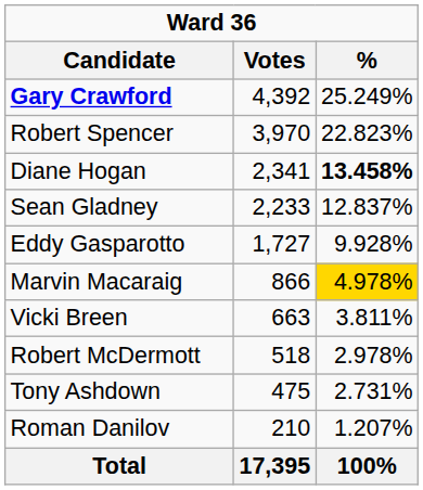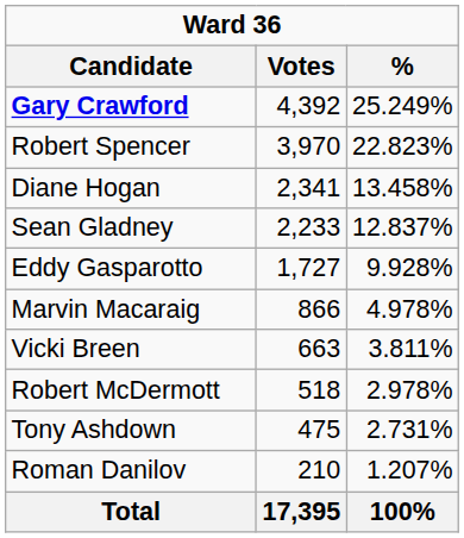 <table class="wikitable">
 <tr>
 <td Colspan="3" align="center"><strong>Ward 36</strong></td>
 </tr>
 <tr>
 <th bgcolor="#DDDDFF" width="150px">Candidate</th>
 <th bgcolor="#DDDDFF">Votes</th>
 <th bgcolor="#DDDDFF">%</th>
 </tr>
 <tr>
 <td><strong><a href='#'>Gary Crawford</a></strong></td>
 <td align=right>4,392</td>
 <td align=right>25.249%</td>
 </tr>
 <tr>
 <td>Robert Spencer</td>
 <td align=right>3,970</td>
 <td align=right>22.823%</td>
 </tr>
 <tr>
 <td>Diane Hogan</td>
 <td align=right>2,341</td>
-<td align=right><strong>13.458%</strong></td>
+<td align=right>13.458%</td>
 </tr>
 <tr>
 <td>Sean Gladney</td>
 <td align=right>2,233</td>
 <td align=right>12.837%</td>
 </tr>
 <tr>
 <td>Eddy Gasparotto</td>
 <td align=right>1,727</td>
 <td align=right>9.928%</td>
 </tr>
 <tr>
 <td>Marvin Macaraig</td>
 <td align=right>866</td>
-<td align=right style="background: gold;">4.978%</td>
+<td align=right>4.978%</td>
 </tr>
 <tr>
 <td>Vicki Breen</td>
 <td align=right>663</td>
 <td align=right>3.811%</td>
 </tr>
 <tr>
 <td>Robert McDermott</td>
 <td align=right>518</td>
 <td align=right>2.978%</td>
 </tr>
 <tr>
 <td>Tony Ashdown</td>
 <td align=right>475</td>
 <td align=right>2.731%</td>
 </tr>
 <tr>
 <td>Roman Danilov</td>
 <td align=right>210</td>
 <td align=right>1.207%</td>
 </tr>
 <tr>
 <th>Total</th>
 <th align=right>17,395</th>
 <th align=right>100%</th>
 </tr>
 </table>
